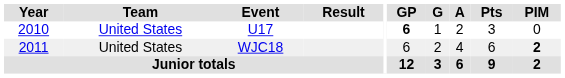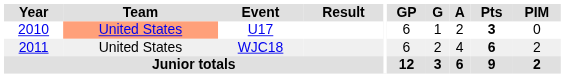 <table border="0" cellpadding="1" cellspacing="0" ID="Table3" style="text-align:center; width:40em">
 <tr ALIGN="center" bgcolor="#e0e0e0">
 <th>Year</th>
 <th>Team</th>
 <th>Event</th>
 <th>Result</th>
 <th rowspan="99" bgcolor="#ffffff"></th>
 <th>GP</th>
 <th>G</th>
 <th>A</th>
 <th>Pts</th>
 <th>PIM</th>
 </tr>
 <tr>
 <td><a href='#'>2010</a></td>
-<td><a href='#'>United States</a></td>
+<td style="background: lightsalmon;"><a href='#'>United States</a></td>
 <td><a href='#'>U17</a></td>
 <td></td>
-<td><strong>6</strong></td>
+<td>6</td>
 <td>1</td>
 <td>2</td>
-<td>3</td>
+<td><strong>3</strong></td>
 <td>0</td>
 </tr>
 <tr bgcolor="#f0f0f0">
 <td><a href='#'>2011</a></td>
 <td>United States</td>
 <td><a href='#'>WJC18</a></td>
 <td></td>
 <td>6</td>
 <td>2</td>
 <td>4</td>
-<td>6</td>
-<td><strong>2</strong></td>
+<td><strong>6</strong></td>
+<td>2</td>
 </tr>
 <tr bgcolor="#e0e0e0">
 <th colspan="4">Junior totals</th>
 <th>12</th>
 <th>3</th>
 <th>6</th>
 <th>9</th>
 <th>2</th>
 </tr>
 </table>
